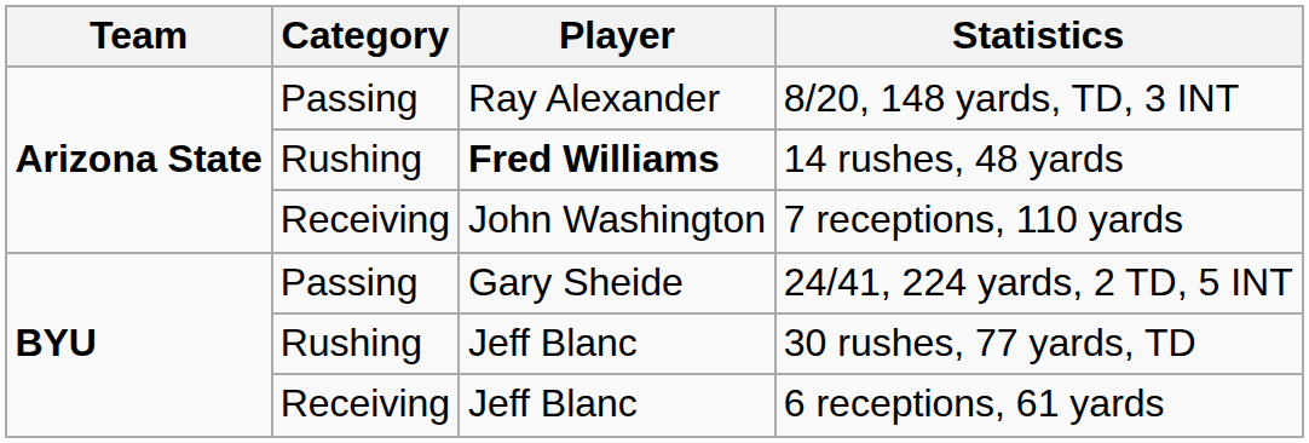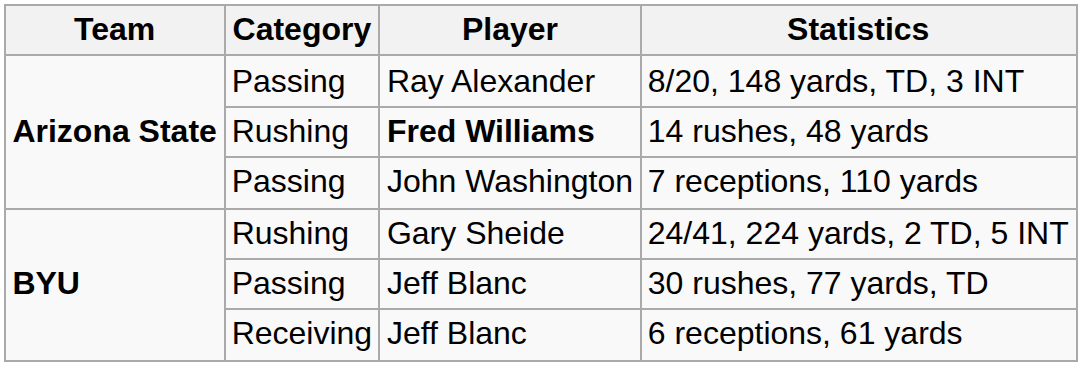 <table class="wikitable" style="float: left;">
 <tr>
 <th>Team</th>
 <th>Category</th>
 <th>Player</th>
 <th>Statistics</th>
 </tr>
 <tr>
 <td rowspan=3><strong>Arizona State</strong></td>
 <td>Passing</td>
 <td>Ray Alexander</td>
 <td>8/20, 148 yards, TD, 3 INT</td>
 </tr>
 <tr>
 <td>Rushing</td>
 <td><strong>Fred Williams</strong></td>
 <td>14 rushes, 48 yards</td>
 </tr>
 <tr>
-<td>Receiving</td>
+<td>Passing</td>
 <td>John Washington</td>
 <td>7 receptions, 110 yards</td>
 </tr>
 <tr>
 <td rowspan=3><strong>BYU</strong></td>
-<td>Passing</td>
+<td>Rushing</td>
 <td>Gary Sheide</td>
 <td>24/41, 224 yards, 2 TD, 5 INT</td>
 </tr>
 <tr>
-<td>Rushing</td>
+<td>Passing</td>
 <td>Jeff Blanc</td>
 <td>30 rushes, 77 yards, TD</td>
 </tr>
 <tr>
 <td>Receiving</td>
 <td>Jeff Blanc</td>
 <td>6 receptions, 61 yards</td>
 </tr>
 </table>
